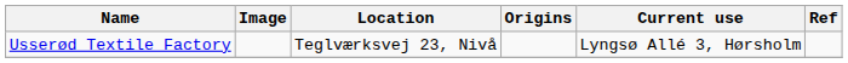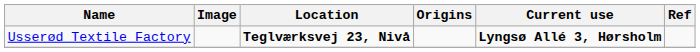 <table class="wikitable sortable">
 <tr>
 <th>Name</th>
 <th>Image</th>
 <th>Location</th>
 <th>Origins</th>
 <th>Current use</th>
 <th>Ref</th>
 </tr>
 <tr>
 <td><a href='#'>Usserød Textile Factory</a></td>
 <td></td>
-<td>Teglværksvej 23, Nivå</td>
+<td><strong>Teglværksvej 23, Nivå</strong></td>
 <td></td>
-<td>Lyngsø Allé 3, Hørsholm</td>
+<td><strong>Lyngsø Allé 3, Hørsholm</strong></td>
 <td></td>
 </tr>
 <tr>
 </tr>
 </table>
